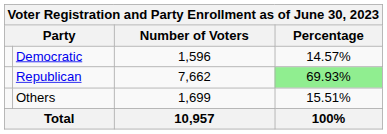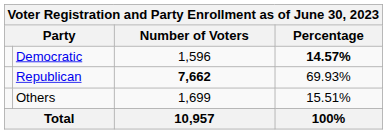 <table class=wikitable>
 <tr>
 <th colspan = 6>Voter Registration and Party Enrollment as of June 30, 2023</th>
 </tr>
 <tr>
 <th colspan = 2>Party</th>
 <th>Number of Voters</th>
 <th>Percentage</th>
 </tr>
 <tr>
 <td></td>
 <td><a href='#'>Democratic</a></td>
 <td align = center>1,596</td>
-<td align = center>14.57%</td>
+<td align = center><strong>14.57%</strong></td>
 </tr>
 <tr>
 <td></td>
 <td><a href='#'>Republican</a></td>
-<td align = center>7,662</td>
-<td align = center style="background: lightgreen;">69.93%</td>
+<td align = center><strong>7,662</strong></td>
+<td align = center>69.93%</td>
 </tr>
 <tr>
 <td></td>
 <td>Others</td>
 <td align = center>1,699</td>
 <td align = center>15.51%</td>
 </tr>
 <tr>
 <th colspan = 2>Total</th>
 <th align = center>10,957</th>
 <th align = center>100%</th>
 </tr>
 </table>
